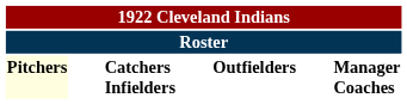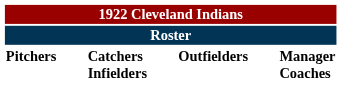 <table class="toccolours" style="font-size: 95%;">
 <tr>
 <th colspan="10" style="background-color: #990000; color: white; text-align: center;">1922 Cleveland Indians</th>
 </tr>
 <tr>
 <td colspan="10" style="background-color: #023456; color: white; text-align: center;"><strong>Roster</strong></td>
 </tr>
 <tr>
-<td valign="top" style="background: lightyellow;"><strong>Pitchers</strong><br>                     </td>
+<td valign="top"><strong>Pitchers</strong><br>                     </td>
 <td width="25px"></td>
 <td valign="top"><strong>Catchers</strong><br>    <strong>Infielders</strong>           </td>
 <td width="25px"></td>
 <td valign="top"><strong>Outfielders</strong><br>        </td>
 <td width="25px"></td>
 <td valign="top"><strong>Manager</strong><br> <strong>Coaches</strong> </td>
 </tr>
 </table>
